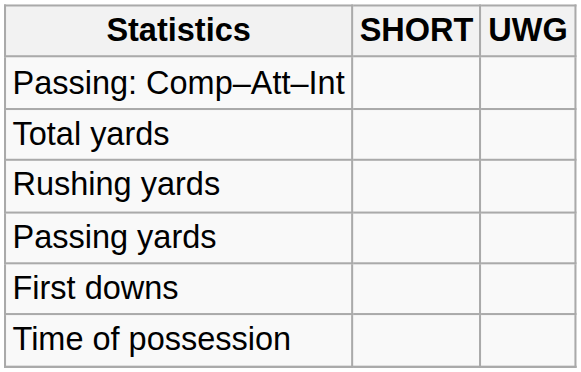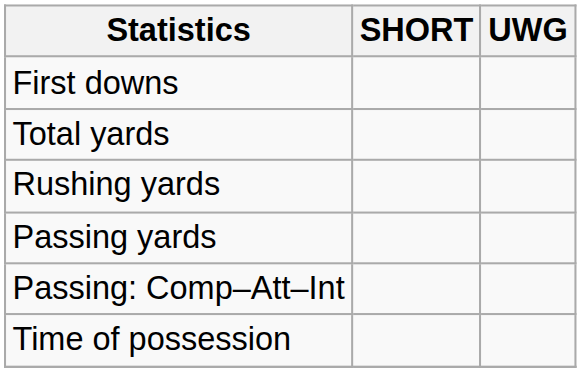 <table class="wikitable" style="float: left;">
 <tr>
 <th>Statistics</th>
 <th>SHORT</th>
 <th>UWG</th>
 </tr>
 <tr>
-<td>Passing: Comp–Att–Int</td>
+<td>First downs</td>
 <td></td>
 <td></td>
 </tr>
 <tr>
 <td>Total yards</td>
 <td></td>
 <td></td>
 </tr>
 <tr>
 <td>Rushing yards</td>
 <td></td>
 <td></td>
 </tr>
 <tr>
 <td>Passing yards</td>
 <td></td>
 <td></td>
 </tr>
 <tr>
-<td>First downs</td>
+<td>Passing: Comp–Att–Int</td>
 <td></td>
 <td></td>
 </tr>
 <tr>
 <td>Time of possession</td>
 <td></td>
 <td></td>
 </tr>
 <tr>
 </tr>
 </table>
